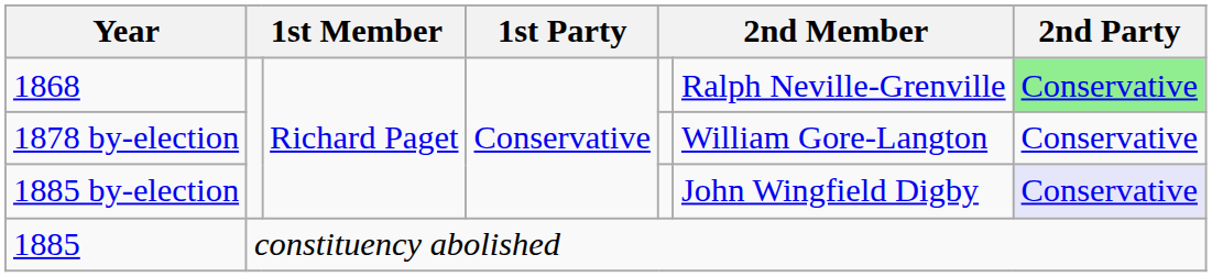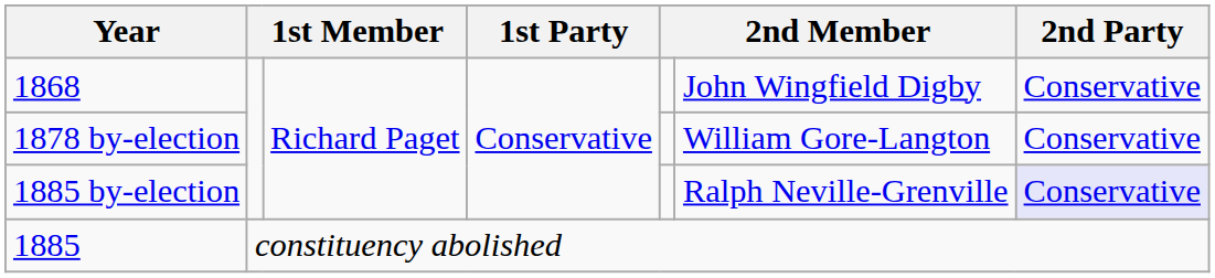 <table class="wikitable">
 <tr>
 <th>Year</th>
 <th colspan="2">1st Member</th>
 <th>1st Party</th>
 <th colspan="2">2nd Member</th>
 <th>2nd Party</th>
 </tr>
 <tr>
 <td><a href='#'>1868</a></td>
 <td rowspan="3" style="color:inherit;background-color: "></td>
 <td rowspan="3"><a href='#'>Richard Paget</a> </td>
 <td rowspan="3"><a href='#'>Conservative</a></td>
 <td style="color:inherit;background-color: "></td>
-<td><a href='#'>Ralph Neville-Grenville</a></td>
-<td style="background: lightgreen;"><a href='#'>Conservative</a></td>
+<td><a href='#'>John Wingfield Digby</a></td>
+<td><a href='#'>Conservative</a></td>
 </tr>
 <tr>
 <td><a href='#'>1878 by-election</a></td>
 <td style="color:inherit;background-color: "></td>
 <td><a href='#'>William Gore-Langton</a></td>
 <td><a href='#'>Conservative</a></td>
 </tr>
 <tr>
 <td><a href='#'>1885 by-election</a></td>
 <td style="color:inherit;background-color: "></td>
-<td><a href='#'>John Wingfield Digby</a></td>
+<td><a href='#'>Ralph Neville-Grenville</a></td>
 <td style="background: lavender;"><a href='#'>Conservative</a></td>
 </tr>
 <tr>
 <td><a href='#'>1885</a></td>
 <td colspan="6"><em>constituency abolished</em></td>
 </tr>
 </table>
